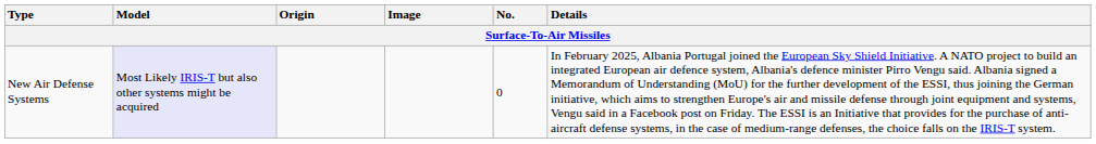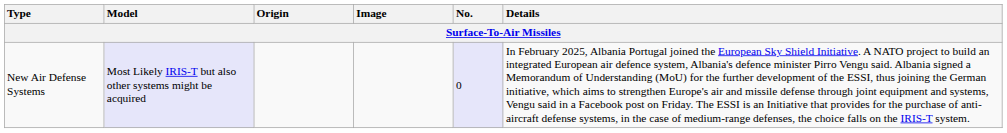 <table class="wikitable" style="margin:auto; font-size:90%; width:100%;">
 <tr>
 <th style="text-align:left; width:10%;">Type</th>
 <th style="text-align:left; width:15%;">Model</th>
 <th style="text-align:left; width:10%;">Origin</th>
 <th style="text-align:left; width:10%;">Image</th>
 <th style="text-align:left; width:5%">No.</th>
 <th style="text-align:left; width:50%">Details</th>
 </tr>
 <tr>
 <th colspan="6"><a href='#'>Surface-To-Air Missiles</a></th>
 </tr>
 <tr>
 <td>New Air Defense Systems</td>
 <td style="background: lavender;">Most Likely <a href='#'>IRIS-T</a> but also other systems might be acquired</td>
 <td></td>
 <td>   </td>
-<td>0</td>
+<td style="background: lavender;">0</td>
 <td>In February 2025, Albania Portugal joined the <a href='#'>European Sky Shield Initiative</a>. A NATO project to build an integrated European air defence system, Albania's defence minister Pirro Vengu said. Albania signed a Memorandum of Understanding (MoU) for the further development of the ESSI, thus joining the German initiative, which aims to strengthen Europe's air and missile defense through joint equipment and systems, Vengu said in a Facebook post on Friday. The ESSI is an Initiative that provides for the purchase of anti-aircraft defense systems, in the case of medium-range defenses, the choice falls on the <a href='#'>IRIS-T</a> system.</td>
 </tr>
 </table>
